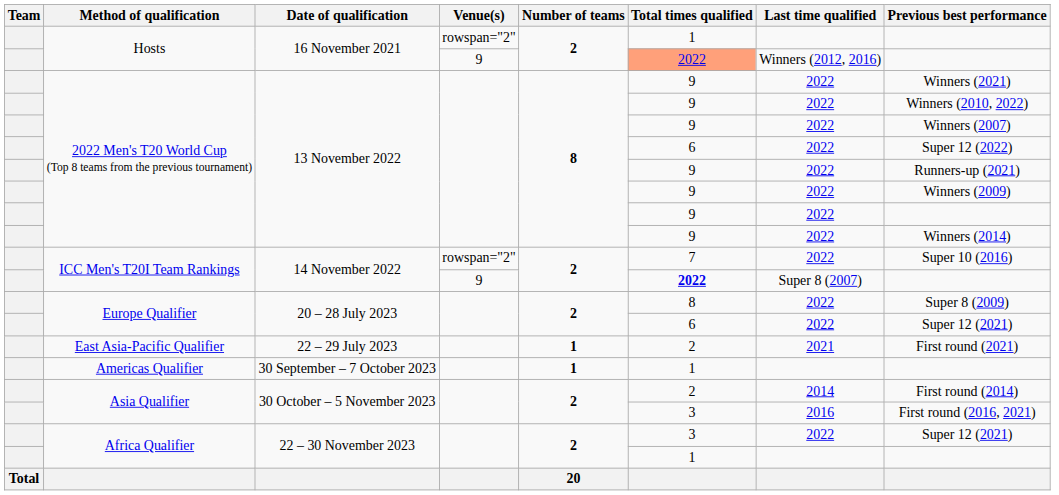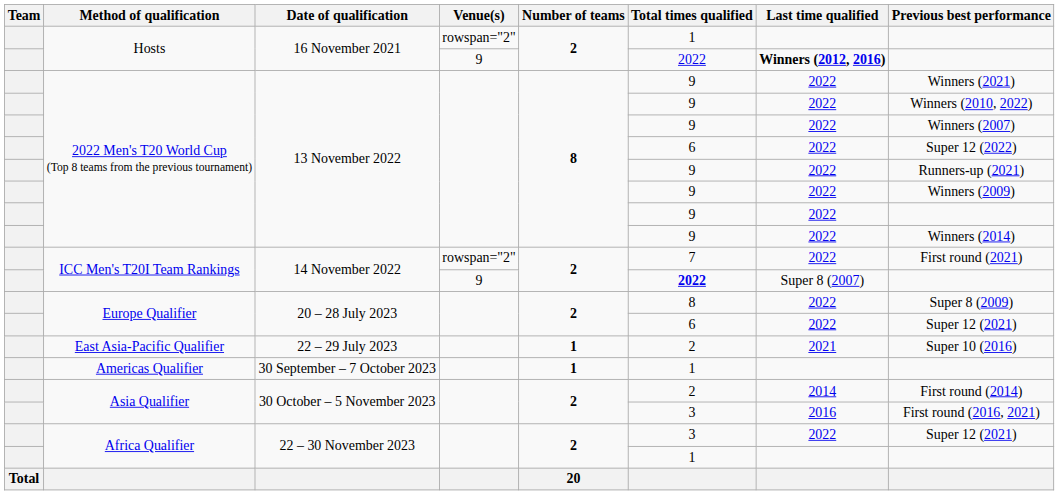 <table class="wikitable sortable plainrowheaders" style="text-align:center;">
 <tr>
 <th scope="col">Team</th>
 <th scope="col">Method of qualification</th>
 <th scope="col">Date of qualification</th>
 <th scope="col">Venue(s)</th>
 <th scope="col">Number of teams</th>
 <th scope="col">Total times qualified</th>
 <th scope="col">Last time qualified</th>
 <th scope="col">Previous best performance</th>
 </tr>
 <tr>
 <th scope="row"></th>
 <td rowspan="2">Hosts</td>
 <td rowspan="2">16 November 2021</td>
 <td>rowspan="2" </td>
 <td rowspan="2"><strong>2</strong></td>
 <td>1</td>
 <td></td>
 <td></td>
 </tr>
 <tr>
 <th scope="row"></th>
 <td>9</td>
-<td style="background: lightsalmon;"><a href='#'>2022</a></td>
-<td>Winners (<a href='#'>2012</a>, <a href='#'>2016</a>)</td>
+<td><a href='#'>2022</a></td>
+<td><strong>Winners (<a href='#'>2012</a>, <a href='#'>2016</a>)</strong></td>
 </tr>
 <tr>
 <th scope="row"></th>
 <td rowspan="8"><a href='#'>2022 Men's T20 World Cup</a><br><small>(Top 8 teams from the previous tournament)</small></td>
 <td rowspan="8">13 November 2022</td>
 <td rowspan="8"></td>
 <td rowspan="8"><strong>8</strong></td>
 <td>9</td>
 <td><a href='#'>2022</a></td>
 <td>Winners (<a href='#'>2021</a>)</td>
 </tr>
 <tr>
 <th scope="row"></th>
 <td>9</td>
 <td><a href='#'>2022</a></td>
 <td>Winners (<a href='#'>2010</a>, <a href='#'>2022</a>)</td>
 </tr>
 <tr>
 <th scope="row"></th>
 <td>9</td>
 <td><a href='#'>2022</a></td>
 <td>Winners (<a href='#'>2007</a>)</td>
 </tr>
 <tr>
 <th scope="row"></th>
 <td>6</td>
 <td><a href='#'>2022</a></td>
 <td>Super 12 (<a href='#'>2022</a>)</td>
 </tr>
 <tr>
 <th scope="row"></th>
 <td>9</td>
 <td><a href='#'>2022</a></td>
 <td>Runners-up (<a href='#'>2021</a>)</td>
 </tr>
 <tr>
 <th scope="row"></th>
 <td>9</td>
 <td><a href='#'>2022</a></td>
 <td>Winners (<a href='#'>2009</a>)</td>
 </tr>
 <tr>
 <th scope="row"></th>
 <td>9</td>
 <td><a href='#'>2022</a></td>
 <td></td>
 </tr>
 <tr>
 <th scope="row"></th>
 <td>9</td>
 <td><a href='#'>2022</a></td>
 <td>Winners (<a href='#'>2014</a>)</td>
 </tr>
 <tr>
 <th scope="row"></th>
 <td rowspan="2"><a href='#'>ICC Men's T20I Team Rankings</a></td>
 <td rowspan="2">14 November 2022</td>
 <td>rowspan="2" </td>
 <td rowspan="2"><strong>2</strong></td>
 <td>7</td>
 <td><a href='#'>2022</a></td>
-<td>Super 10 (<a href='#'>2016</a>)</td>
+<td>First round (<a href='#'>2021</a>)</td>
 </tr>
 <tr>
 <th scope="row"></th>
 <td>9</td>
 <td><strong><a href='#'>2022</a></strong></td>
 <td>Super 8 (<a href='#'>2007</a>)</td>
 </tr>
 <tr>
 <th scope="row"></th>
 <td rowspan="2"><a href='#'>Europe Qualifier</a></td>
 <td rowspan="2">20 – 28 July 2023</td>
 <td rowspan="2"></td>
 <td rowspan="2"><strong>2</strong></td>
 <td>8</td>
 <td><a href='#'>2022</a></td>
 <td>Super 8 (<a href='#'>2009</a>)</td>
 </tr>
 <tr>
 <th scope="row"></th>
 <td>6</td>
 <td><a href='#'>2022</a></td>
 <td>Super 12 (<a href='#'>2021</a>)</td>
 </tr>
 <tr>
 <th scope="row"></th>
 <td><a href='#'>East Asia-Pacific Qualifier</a></td>
 <td>22 – 29 July 2023</td>
 <td></td>
 <td><strong>1</strong></td>
 <td>2</td>
 <td><a href='#'>2021</a></td>
-<td>First round (<a href='#'>2021</a>)</td>
+<td>Super 10 (<a href='#'>2016</a>)</td>
 </tr>
 <tr>
 <th scope="row"></th>
 <td><a href='#'>Americas Qualifier</a></td>
 <td>30 September – 7 October 2023</td>
 <td></td>
 <td><strong>1</strong></td>
 <td>1</td>
 <td></td>
 <td></td>
 </tr>
 <tr>
 <th scope="row"></th>
 <td rowspan="2"><a href='#'>Asia Qualifier</a></td>
 <td rowspan="2">30 October – 5 November 2023</td>
 <td rowspan="2"></td>
 <td rowspan="2"><strong>2</strong></td>
 <td>2</td>
 <td><a href='#'>2014</a></td>
 <td>First round (<a href='#'>2014</a>)</td>
 </tr>
 <tr>
 <th scope="row"></th>
 <td>3</td>
 <td><a href='#'>2016</a></td>
 <td>First round (<a href='#'>2016</a>, <a href='#'>2021</a>)</td>
 </tr>
 <tr>
 <th scope="row"></th>
 <td rowspan="2"><a href='#'>Africa Qualifier</a></td>
 <td rowspan="2">22 – 30 November 2023</td>
 <td rowspan="2"></td>
 <td rowspan="2"><strong>2</strong></td>
 <td>3</td>
 <td><a href='#'>2022</a></td>
 <td>Super 12 (<a href='#'>2021</a>)</td>
 </tr>
 <tr>
 <th scope="row"></th>
 <td>1</td>
 <td></td>
 <td></td>
 </tr>
 <tr class=sortbottom>
 <th>Total</th>
 <th></th>
 <th></th>
 <th></th>
 <th>20</th>
 <th></th>
 <th></th>
 <th></th>
 </tr>
 </table>
